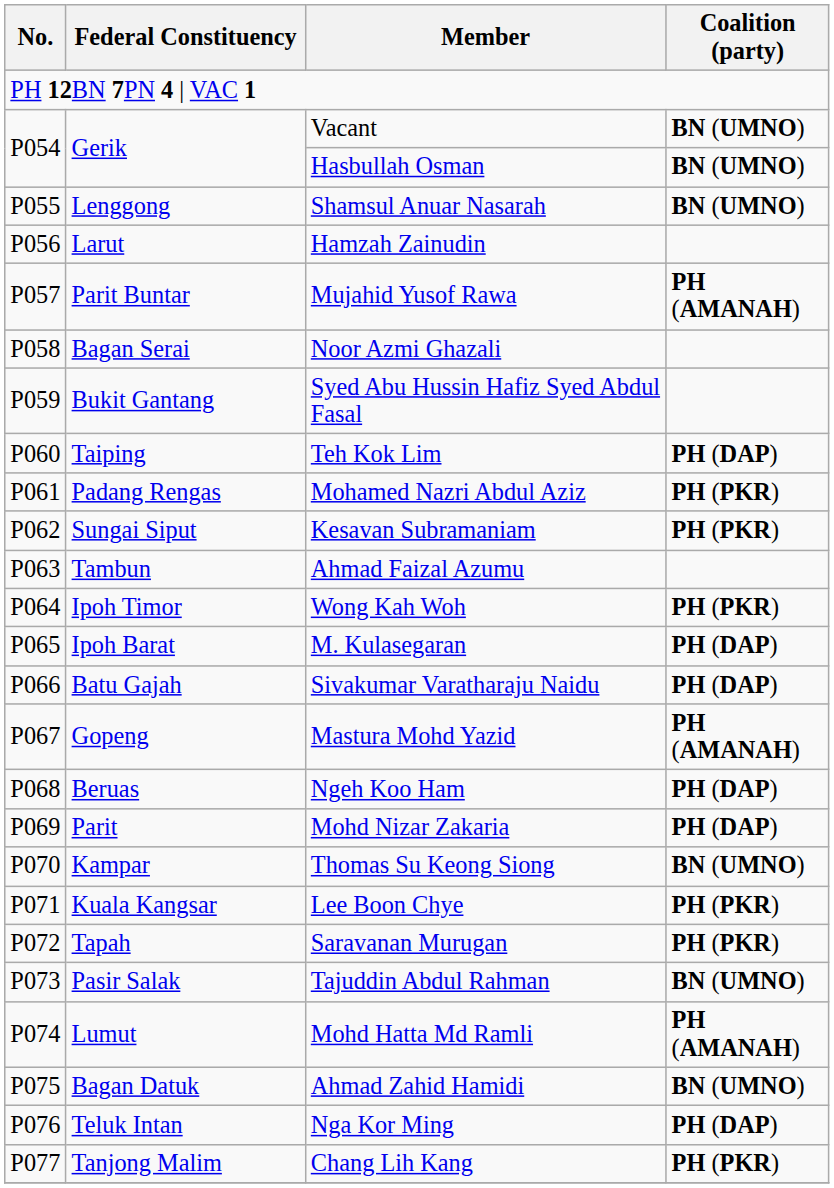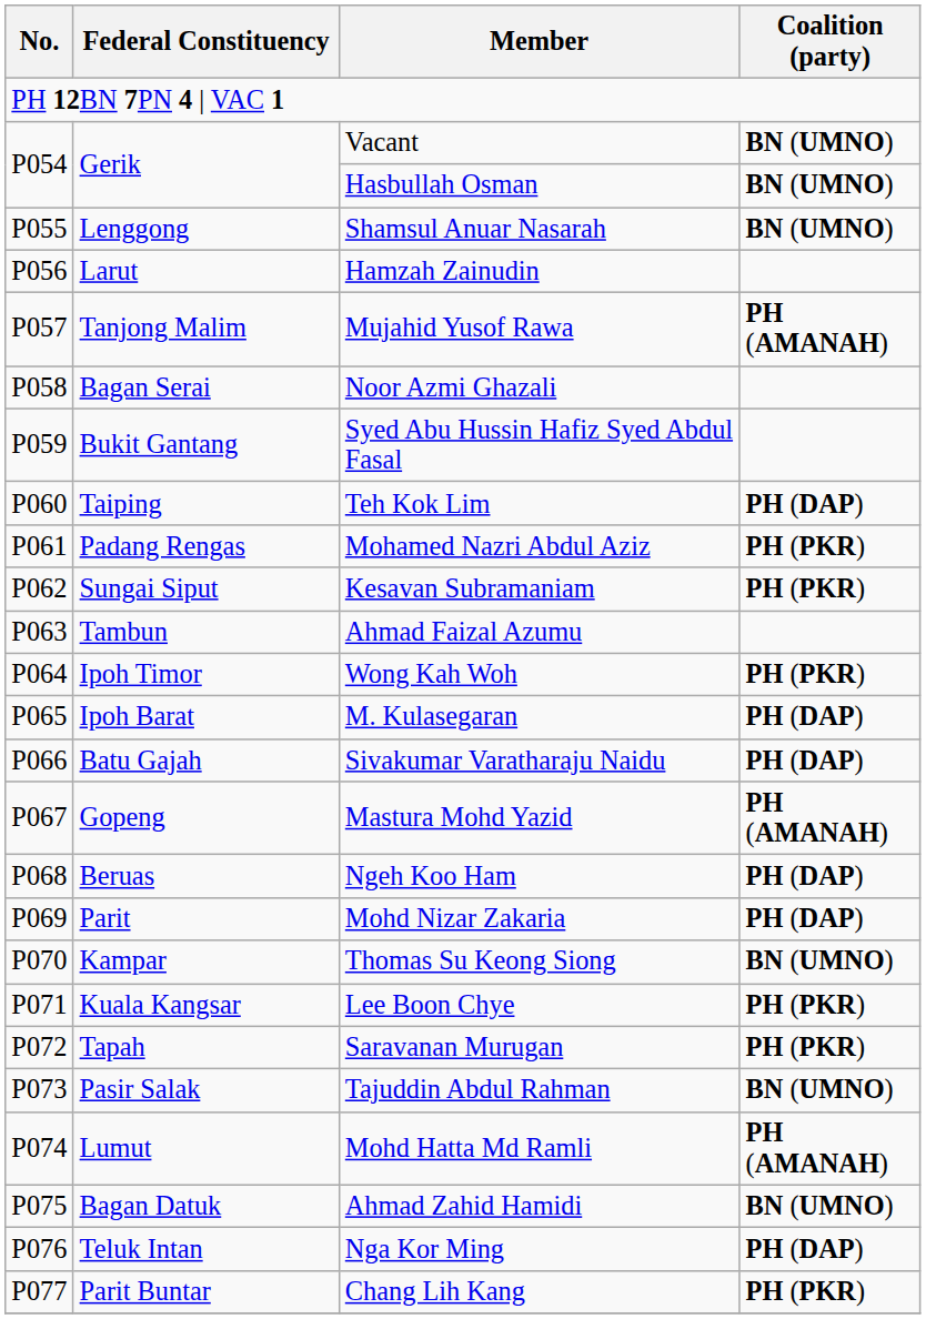 <table class="wikitable sortable">
 <tr>
 <th style="width:30px;">No.</th>
 <th style="width:150px;">Federal Constituency</th>
 <th style="width:230px;">Member</th>
 <th style="width:100px;">Coalition (party)</th>
 </tr>
 <tr>
 <td colspan="4"><a href='#'>PH</a> <strong>12</strong><a href='#'>BN</a> <strong>7</strong><a href='#'>PN</a> <strong>4</strong> | <a href='#'>VAC</a> <strong>1</strong></td>
 </tr>
 <tr>
 <td rowspan="2">P054</td>
 <td rowspan="2"><a href='#'>Gerik</a></td>
 <td>Vacant </td>
 <td><strong>BN</strong> (<strong>UMNO</strong>)</td>
 </tr>
 <tr>
 <td><a href='#'>Hasbullah Osman</a> </td>
 <td><strong>BN</strong> (<strong>UMNO</strong>)</td>
 </tr>
 <tr>
 <td>P055</td>
 <td><a href='#'>Lenggong</a></td>
 <td><a href='#'>Shamsul Anuar Nasarah</a></td>
 <td><strong>BN</strong> (<strong>UMNO</strong>)</td>
 </tr>
 <tr>
 <td>P056</td>
 <td><a href='#'>Larut</a></td>
 <td><a href='#'>Hamzah Zainudin</a></td>
 <td></td>
 </tr>
 <tr>
 <td>P057</td>
-<td><a href='#'>Parit Buntar</a></td>
+<td><a href='#'>Tanjong Malim</a></td>
 <td><a href='#'>Mujahid Yusof Rawa</a></td>
 <td><strong>PH</strong> (<strong>AMANAH</strong>)</td>
 </tr>
 <tr>
 <td>P058</td>
 <td><a href='#'>Bagan Serai</a></td>
 <td><a href='#'>Noor Azmi Ghazali</a></td>
 <td></td>
 </tr>
 <tr>
 <td>P059</td>
 <td><a href='#'>Bukit Gantang</a></td>
 <td><a href='#'>Syed Abu Hussin Hafiz Syed Abdul Fasal</a></td>
 <td></td>
 </tr>
 <tr>
 <td>P060</td>
 <td><a href='#'>Taiping</a></td>
 <td><a href='#'>Teh Kok Lim</a></td>
 <td><strong>PH</strong> (<strong>DAP</strong>)</td>
 </tr>
 <tr>
 <td>P061</td>
 <td><a href='#'>Padang Rengas</a></td>
 <td><a href='#'>Mohamed Nazri Abdul Aziz</a></td>
 <td><strong>PH</strong> (<strong>PKR</strong>)</td>
 </tr>
 <tr>
 <td>P062</td>
 <td><a href='#'>Sungai Siput</a></td>
 <td><a href='#'>Kesavan Subramaniam</a></td>
 <td><strong>PH</strong> (<strong>PKR</strong>)</td>
 </tr>
 <tr>
 <td>P063</td>
 <td><a href='#'>Tambun</a></td>
 <td><a href='#'>Ahmad Faizal Azumu</a></td>
 <td></td>
 </tr>
 <tr>
 <td>P064</td>
 <td><a href='#'>Ipoh Timor</a></td>
 <td><a href='#'>Wong Kah Woh</a></td>
 <td><strong>PH</strong> (<strong>PKR</strong>)</td>
 </tr>
 <tr>
 <td>P065</td>
 <td><a href='#'>Ipoh Barat</a></td>
 <td><a href='#'>M. Kulasegaran</a></td>
 <td><strong>PH</strong> (<strong>DAP</strong>)</td>
 </tr>
 <tr>
 <td>P066</td>
 <td><a href='#'>Batu Gajah</a></td>
 <td><a href='#'>Sivakumar Varatharaju Naidu</a></td>
 <td><strong>PH</strong> (<strong>DAP</strong>)</td>
 </tr>
 <tr>
 <td>P067</td>
 <td><a href='#'>Gopeng</a></td>
 <td><a href='#'>Mastura Mohd Yazid</a></td>
 <td><strong>PH</strong> (<strong>AMANAH</strong>)</td>
 </tr>
 <tr>
 <td>P068</td>
 <td><a href='#'>Beruas</a></td>
 <td><a href='#'>Ngeh Koo Ham</a></td>
 <td><strong>PH</strong> (<strong>DAP</strong>)</td>
 </tr>
 <tr>
 <td>P069</td>
 <td><a href='#'>Parit</a></td>
 <td><a href='#'>Mohd Nizar Zakaria</a></td>
 <td><strong>PH</strong> (<strong>DAP</strong>)</td>
 </tr>
 <tr>
 <td>P070</td>
 <td><a href='#'>Kampar</a></td>
 <td><a href='#'>Thomas Su Keong Siong</a></td>
 <td><strong>BN</strong> (<strong>UMNO</strong>)</td>
 </tr>
 <tr>
 <td>P071</td>
 <td><a href='#'>Kuala Kangsar</a></td>
 <td><a href='#'>Lee Boon Chye</a></td>
 <td><strong>PH</strong> (<strong>PKR</strong>)</td>
 </tr>
 <tr>
 <td>P072</td>
 <td><a href='#'>Tapah</a></td>
 <td><a href='#'>Saravanan Murugan</a></td>
 <td><strong>PH</strong> (<strong>PKR</strong>)</td>
 </tr>
 <tr>
 <td>P073</td>
 <td><a href='#'>Pasir Salak</a></td>
 <td><a href='#'>Tajuddin Abdul Rahman</a></td>
 <td><strong>BN</strong> (<strong>UMNO</strong>)</td>
 </tr>
 <tr>
 <td>P074</td>
 <td><a href='#'>Lumut</a></td>
 <td><a href='#'>Mohd Hatta Md Ramli</a></td>
 <td><strong>PH</strong> (<strong>AMANAH</strong>)</td>
 </tr>
 <tr>
 <td>P075</td>
 <td><a href='#'>Bagan Datuk</a></td>
 <td><a href='#'>Ahmad Zahid Hamidi</a></td>
 <td><strong>BN</strong> (<strong>UMNO</strong>)</td>
 </tr>
 <tr>
 <td>P076</td>
 <td><a href='#'>Teluk Intan</a></td>
 <td><a href='#'>Nga Kor Ming</a></td>
 <td><strong>PH</strong> (<strong>DAP</strong>)</td>
 </tr>
 <tr>
 <td>P077</td>
-<td><a href='#'>Tanjong Malim</a></td>
+<td><a href='#'>Parit Buntar</a></td>
 <td><a href='#'>Chang Lih Kang</a></td>
 <td><strong>PH</strong> (<strong>PKR</strong>)</td>
 </tr>
 <tr>
 </tr>
 </table>
